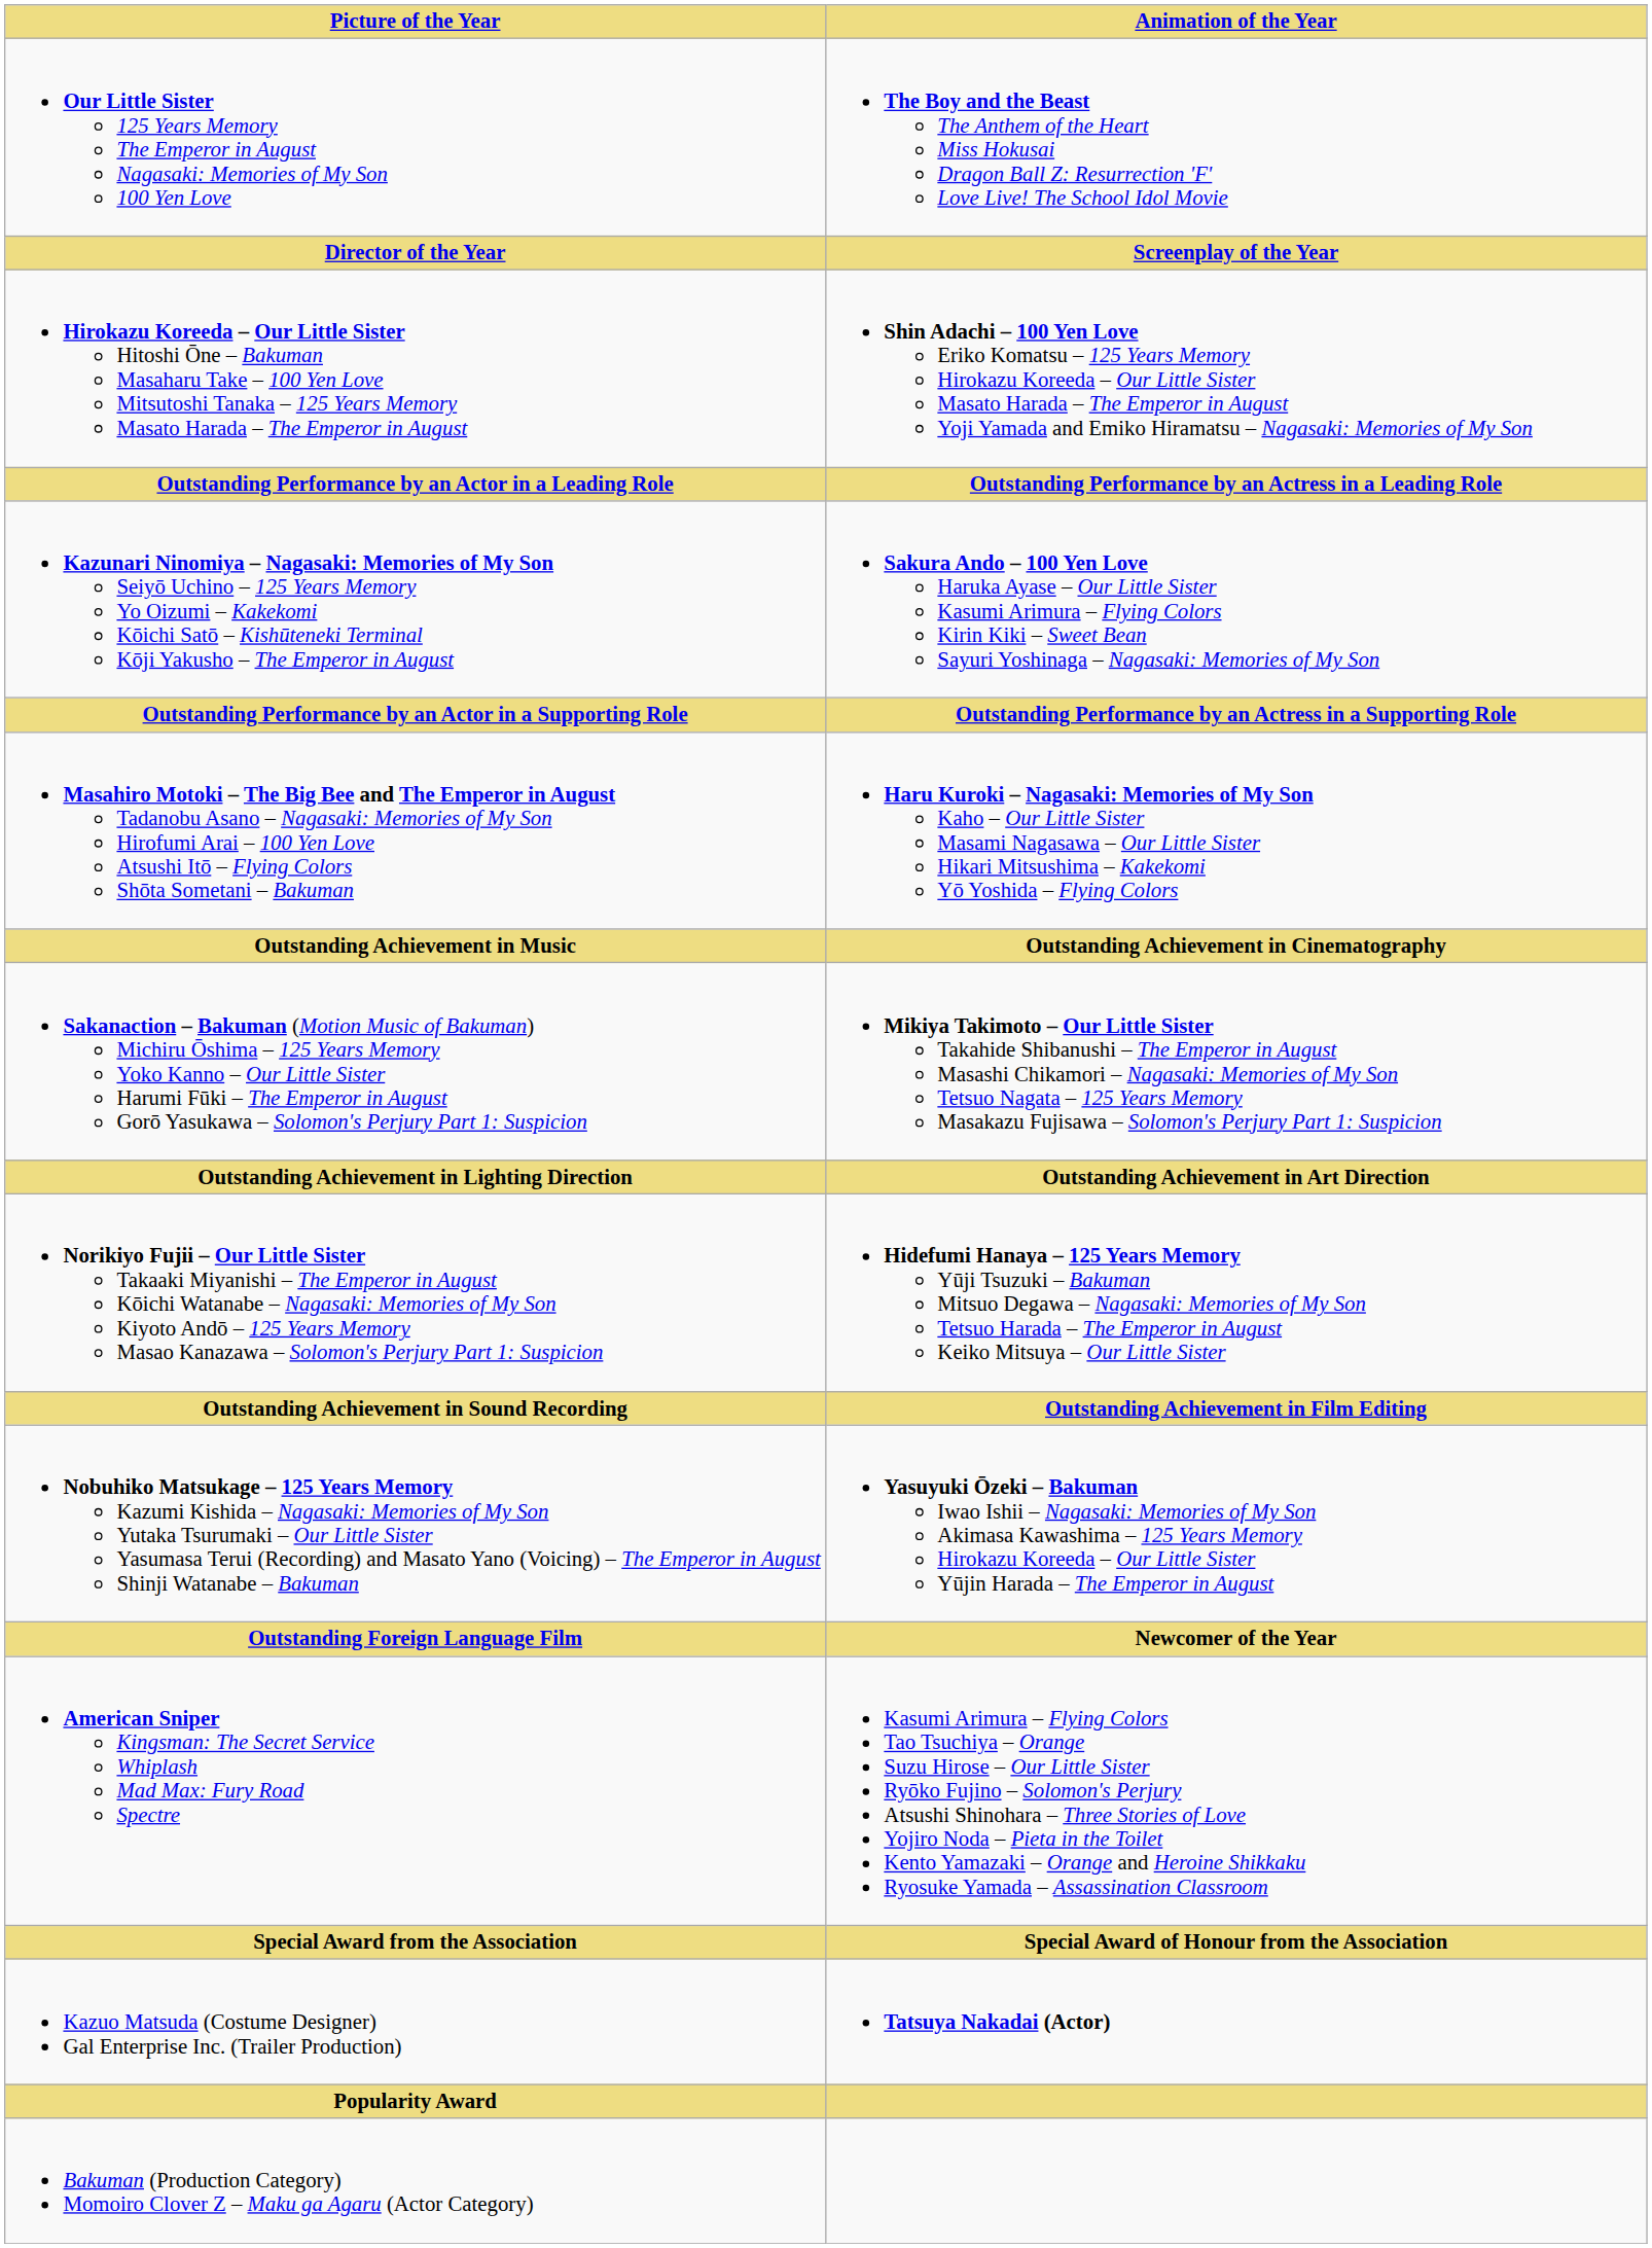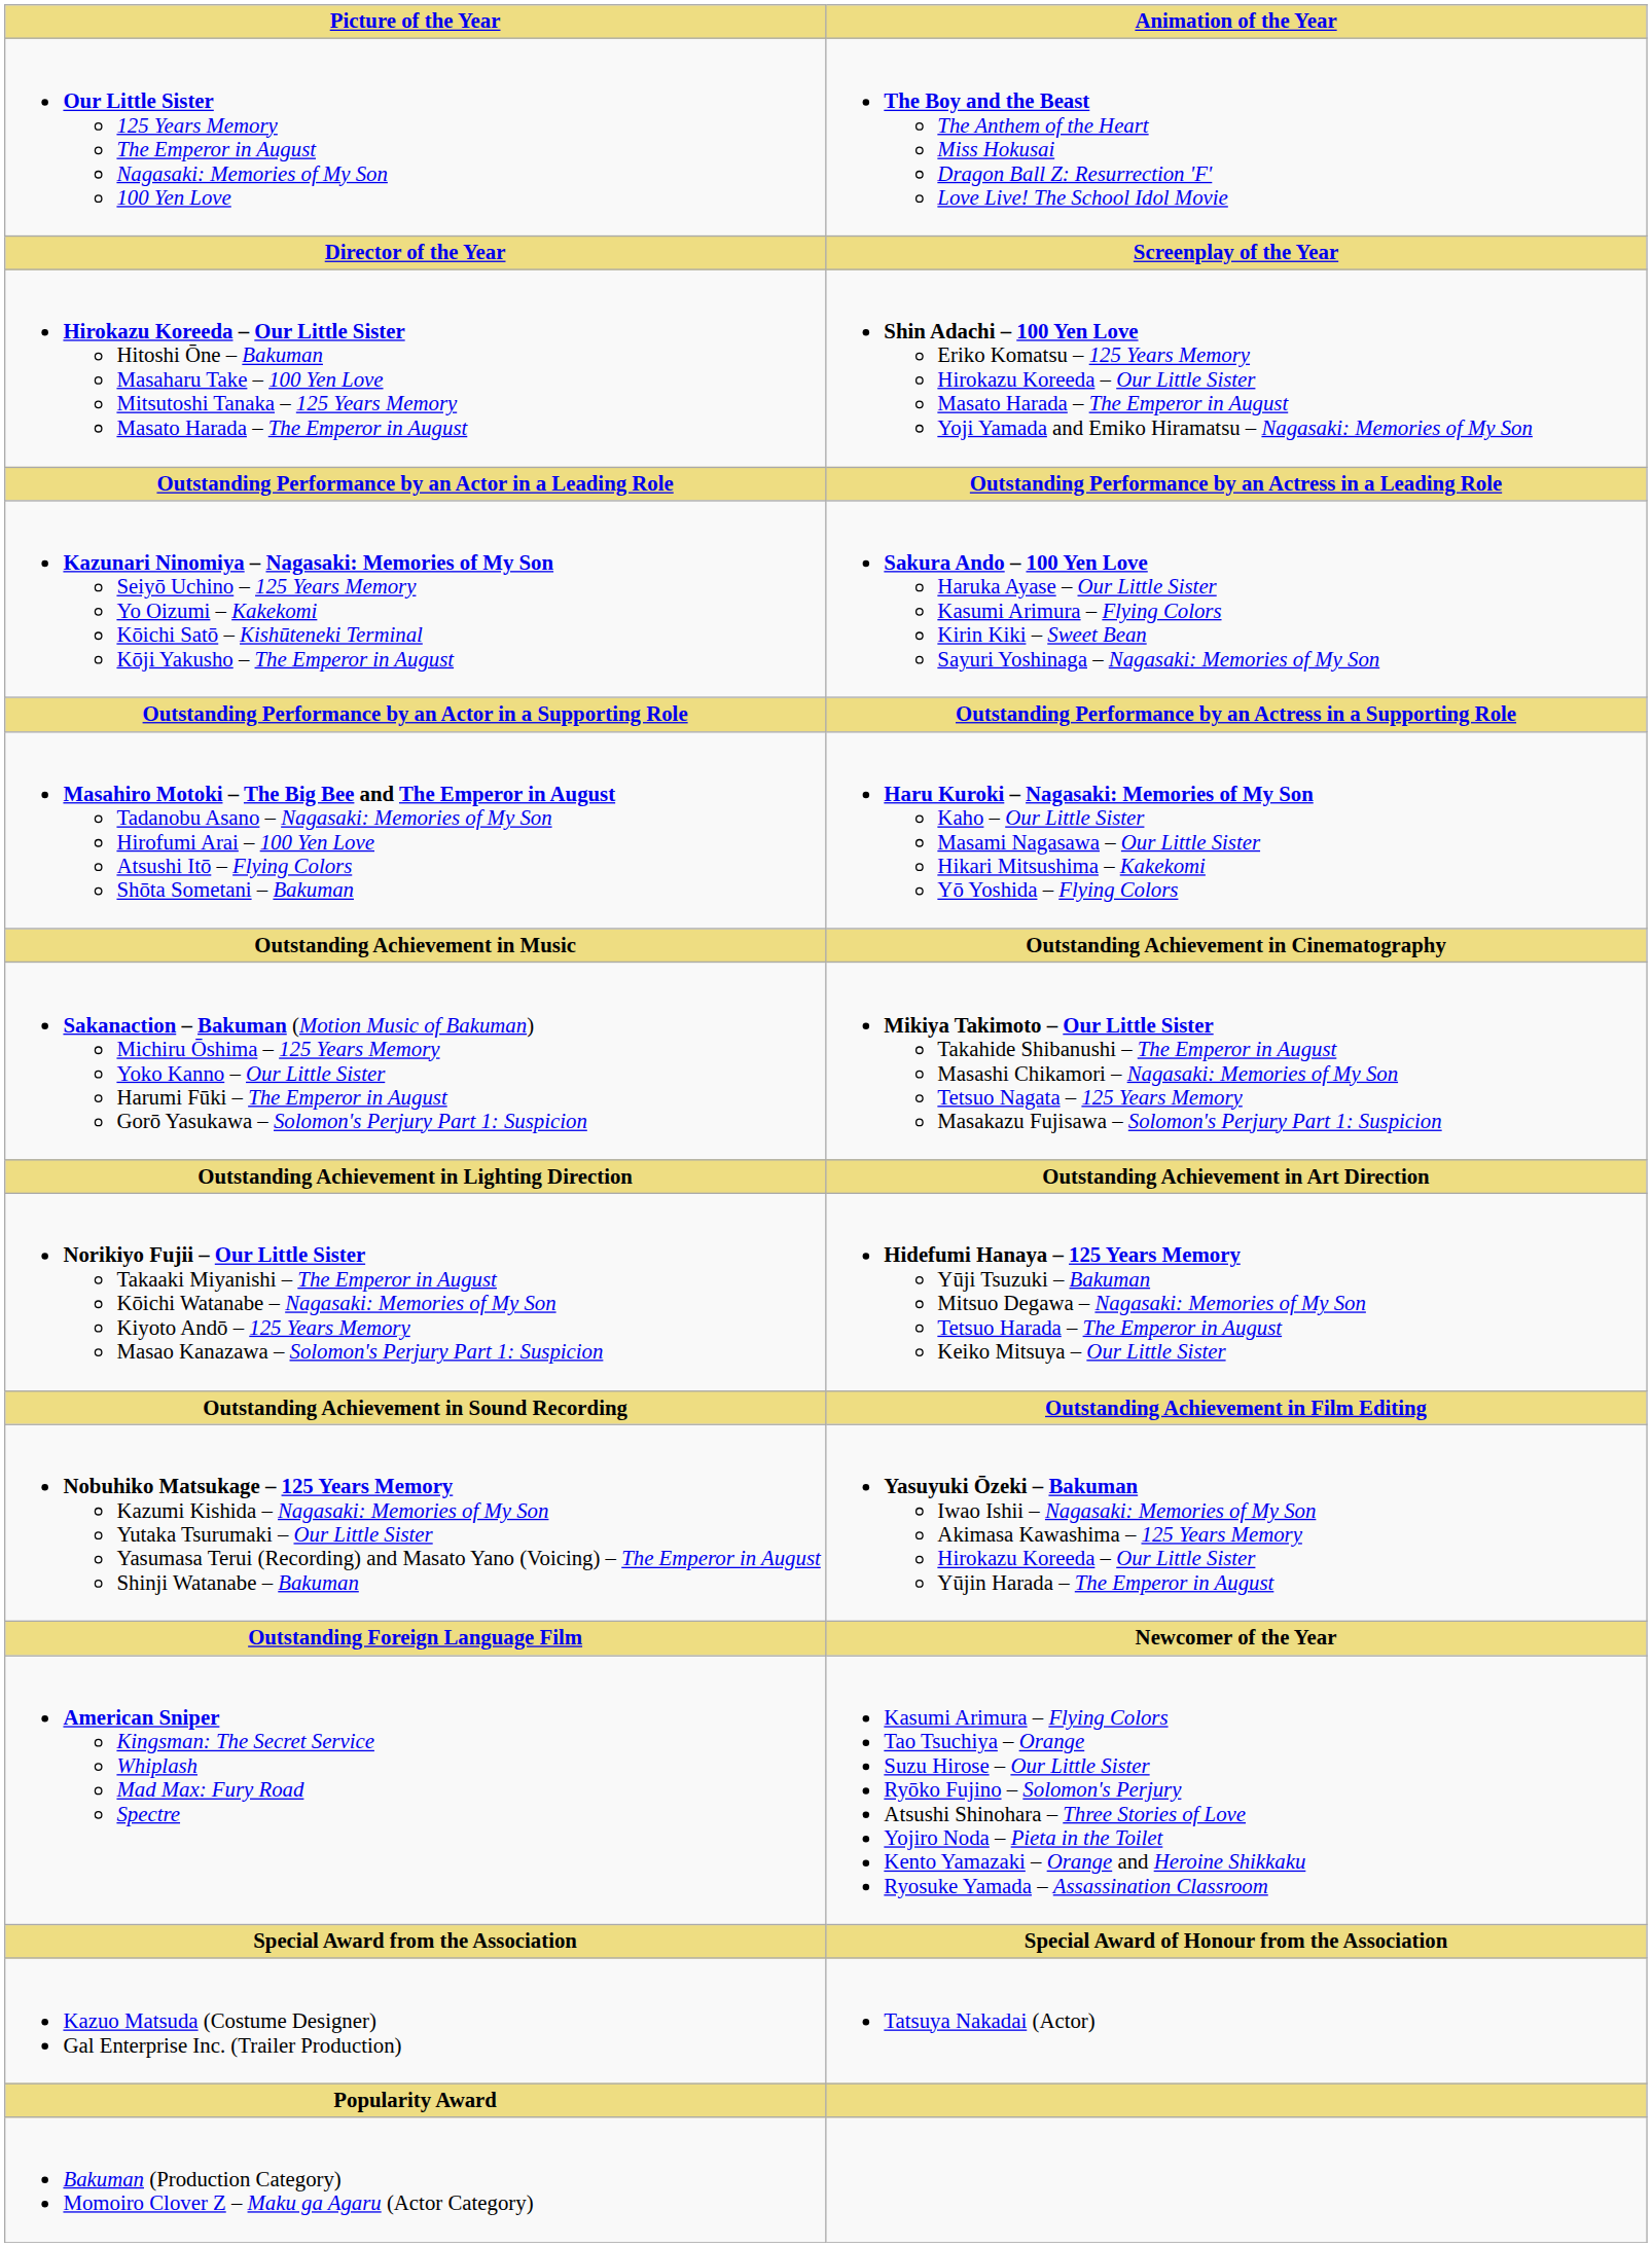 <table class=wikitable>
 <tr>
 <th style="background:#EEDD82; width:50%"><a href='#'>Picture of the Year</a></th>
 <th style="background:#EEDD82; width:50%"><a href='#'>Animation of the Year</a></th>
 </tr>
 <tr>
 <td valign="top"><br><ul><li><strong><a href='#'>Our Little Sister</a></strong><ul><li><em><a href='#'>125 Years Memory</a></em></li><li><em><a href='#'>The Emperor in August</a></em></li><li><em><a href='#'>Nagasaki: Memories of My Son</a></em></li><li><em><a href='#'>100 Yen Love</a></em></li></ul></li></ul></td>
 <td valign="top"><br><ul><li><strong><a href='#'>The Boy and the Beast</a></strong><ul><li><em><a href='#'>The Anthem of the Heart</a></em></li><li><em><a href='#'>Miss Hokusai</a></em></li><li><em><a href='#'>Dragon Ball Z: Resurrection 'F'</a></em></li><li><em><a href='#'>Love Live! The School Idol Movie</a></em></li></ul></li></ul></td>
 </tr>
 <tr>
 <th style="background:#EEDD82"><a href='#'>Director of the Year</a></th>
 <th style="background:#EEDD82"><a href='#'>Screenplay of the Year</a></th>
 </tr>
 <tr>
 <td valign="top"><br><ul><li><strong><a href='#'>Hirokazu Koreeda</a> – <a href='#'>Our Little Sister</a></strong><ul><li>Hitoshi Ōne – <em><a href='#'>Bakuman</a></em></li><li><a href='#'>Masaharu Take</a> – <em><a href='#'>100 Yen Love</a></em></li><li><a href='#'>Mitsutoshi Tanaka</a> – <em><a href='#'>125 Years Memory</a></em></li><li><a href='#'>Masato Harada</a> – <em><a href='#'>The Emperor in August</a></em></li></ul></li></ul></td>
 <td valign="top"><br><ul><li><strong>Shin Adachi – <a href='#'>100 Yen Love</a></strong><ul><li>Eriko Komatsu – <em><a href='#'>125 Years Memory</a></em></li><li><a href='#'>Hirokazu Koreeda</a> – <em><a href='#'>Our Little Sister</a></em></li><li><a href='#'>Masato Harada</a> – <em><a href='#'>The Emperor in August</a></em></li><li><a href='#'>Yoji Yamada</a> and Emiko Hiramatsu – <em><a href='#'>Nagasaki: Memories of My Son</a></em></li></ul></li></ul></td>
 </tr>
 <tr>
 <th style="background:#EEDD82"><a href='#'>Outstanding Performance by an Actor in a Leading Role</a></th>
 <th style="background:#EEDD82"><a href='#'>Outstanding Performance by an Actress in a Leading Role</a></th>
 </tr>
 <tr>
 <td valign="top"><br><ul><li><strong><a href='#'>Kazunari Ninomiya</a> – <a href='#'>Nagasaki: Memories of My Son</a></strong><ul><li><a href='#'>Seiyō Uchino</a> – <em><a href='#'>125 Years Memory</a></em></li><li><a href='#'>Yo Oizumi</a> – <em><a href='#'>Kakekomi</a></em></li><li><a href='#'>Kōichi Satō</a> – <em><a href='#'>Kishūteneki Terminal</a></em></li><li><a href='#'>Kōji Yakusho</a> – <em><a href='#'>The Emperor in August</a></em></li></ul></li></ul></td>
 <td valign="top"><br><ul><li><strong><a href='#'>Sakura Ando</a> – <a href='#'>100 Yen Love</a></strong><ul><li><a href='#'>Haruka Ayase</a> – <em><a href='#'>Our Little Sister</a></em></li><li><a href='#'>Kasumi Arimura</a> – <em><a href='#'>Flying Colors</a></em></li><li><a href='#'>Kirin Kiki</a> – <em><a href='#'>Sweet Bean</a></em></li><li><a href='#'>Sayuri Yoshinaga</a> – <em><a href='#'>Nagasaki: Memories of My Son</a></em></li></ul></li></ul></td>
 </tr>
 <tr>
 <th style="background:#EEDD82"><a href='#'>Outstanding Performance by an Actor in a Supporting Role</a></th>
 <th style="background:#EEDD82"><a href='#'>Outstanding Performance by an Actress in a Supporting Role</a></th>
 </tr>
 <tr>
 <td valign="top"><br><ul><li><strong><a href='#'>Masahiro Motoki</a> – <a href='#'>The Big Bee</a> and <a href='#'>The Emperor in August</a></strong><ul><li><a href='#'>Tadanobu Asano</a> – <em><a href='#'>Nagasaki: Memories of My Son</a></em></li><li><a href='#'>Hirofumi Arai</a> – <em><a href='#'>100 Yen Love</a></em></li><li><a href='#'>Atsushi Itō</a> – <em><a href='#'>Flying Colors</a></em></li><li><a href='#'>Shōta Sometani</a> – <em><a href='#'>Bakuman</a></em></li></ul></li></ul></td>
 <td valign="top"><br><ul><li><strong><a href='#'>Haru Kuroki</a> – <a href='#'>Nagasaki: Memories of My Son</a></strong><ul><li><a href='#'>Kaho</a> – <em><a href='#'>Our Little Sister</a></em></li><li><a href='#'>Masami Nagasawa</a> – <em><a href='#'>Our Little Sister</a></em></li><li><a href='#'>Hikari Mitsushima</a> – <em><a href='#'>Kakekomi</a></em></li><li><a href='#'>Yō Yoshida</a> – <em><a href='#'>Flying Colors</a></em></li></ul></li></ul></td>
 </tr>
 <tr>
 <th style="background:#EEDD82">Outstanding Achievement in Music</th>
 <th style="background:#EEDD82">Outstanding Achievement in Cinematography</th>
 </tr>
 <tr>
 <td valign="top"><br><ul><li><strong><a href='#'>Sakanaction</a> – <a href='#'>Bakuman</a></strong> (<em><a href='#'>Motion Music of Bakuman</a></em>)<ul><li><a href='#'>Michiru Ōshima</a> – <em><a href='#'>125 Years Memory</a></em></li><li><a href='#'>Yoko Kanno</a> – <em><a href='#'>Our Little Sister</a></em></li><li>Harumi Fūki – <em><a href='#'>The Emperor in August</a></em></li><li>Gorō Yasukawa – <em><a href='#'>Solomon's Perjury Part 1: Suspicion</a></em></li></ul></li></ul></td>
 <td valign="top"><br><ul><li><strong>Mikiya Takimoto – <a href='#'>Our Little Sister</a></strong><ul><li>Takahide Shibanushi – <em><a href='#'>The Emperor in August</a></em></li><li>Masashi Chikamori – <em><a href='#'>Nagasaki: Memories of My Son</a></em></li><li><a href='#'>Tetsuo Nagata</a> – <em><a href='#'>125 Years Memory</a></em></li><li>Masakazu Fujisawa – <em><a href='#'>Solomon's Perjury Part 1: Suspicion</a></em></li></ul></li></ul></td>
 </tr>
 <tr>
 <th style="background:#EEDD82">Outstanding Achievement in Lighting Direction</th>
 <th style="background:#EEDD82">Outstanding Achievement in Art Direction</th>
 </tr>
 <tr>
 <td valign="top"><br><ul><li><strong>Norikiyo Fujii – <a href='#'>Our Little Sister</a></strong><ul><li>Takaaki Miyanishi – <em><a href='#'>The Emperor in August</a></em></li><li>Kōichi Watanabe – <em><a href='#'>Nagasaki: Memories of My Son</a></em></li><li>Kiyoto Andō – <em><a href='#'>125 Years Memory</a></em></li><li>Masao Kanazawa – <em><a href='#'>Solomon's Perjury Part 1: Suspicion</a></em></li></ul></li></ul></td>
 <td valign="top"><br><ul><li><strong>Hidefumi Hanaya – <a href='#'>125 Years Memory</a></strong><ul><li>Yūji Tsuzuki – <em><a href='#'>Bakuman</a></em></li><li>Mitsuo Degawa – <em><a href='#'>Nagasaki: Memories of My Son</a></em></li><li><a href='#'>Tetsuo Harada</a> – <em><a href='#'>The Emperor in August</a></em></li><li>Keiko Mitsuya – <em><a href='#'>Our Little Sister</a></em></li></ul></li></ul></td>
 </tr>
 <tr>
 <th style="background:#EEDD82">Outstanding Achievement in Sound Recording</th>
 <th style="background:#EEDD82"><a href='#'>Outstanding Achievement in Film Editing</a></th>
 </tr>
 <tr>
 <td valign="top"><br><ul><li><strong>Nobuhiko Matsukage – <a href='#'>125 Years Memory</a></strong><ul><li>Kazumi Kishida – <em><a href='#'>Nagasaki: Memories of My Son</a></em></li><li>Yutaka Tsurumaki – <em><a href='#'>Our Little Sister</a></em></li><li>Yasumasa Terui (Recording) and Masato Yano (Voicing) – <em><a href='#'>The Emperor in August</a></em></li><li>Shinji Watanabe – <em><a href='#'>Bakuman</a></em></li></ul></li></ul></td>
 <td valign="top"><br><ul><li><strong>Yasuyuki Ōzeki – <a href='#'>Bakuman</a></strong><ul><li>Iwao Ishii – <em><a href='#'>Nagasaki: Memories of My Son</a></em></li><li>Akimasa Kawashima – <em><a href='#'>125 Years Memory</a></em></li><li><a href='#'>Hirokazu Koreeda</a> – <em><a href='#'>Our Little Sister</a></em></li><li>Yūjin Harada – <em><a href='#'>The Emperor in August</a></em></li></ul></li></ul></td>
 </tr>
 <tr>
 <th style="background:#EEDD82"><a href='#'>Outstanding Foreign Language Film</a></th>
 <th style="background:#EEDD82">Newcomer of the Year</th>
 </tr>
 <tr>
 <td valign="top"><br><ul><li><strong><a href='#'>American Sniper</a></strong><ul><li><em><a href='#'>Kingsman: The Secret Service</a></em></li><li><em><a href='#'>Whiplash</a></em></li><li><em><a href='#'>Mad Max: Fury Road</a></em></li><li><em><a href='#'>Spectre</a></em></li></ul></li></ul></td>
 <td valign="top"><br><ul><li><a href='#'>Kasumi Arimura</a> – <em><a href='#'>Flying Colors</a></em></li><li><a href='#'>Tao Tsuchiya</a> – <em><a href='#'>Orange</a></em></li><li><a href='#'>Suzu Hirose</a> – <em><a href='#'>Our Little Sister</a></em></li><li><a href='#'>Ryōko Fujino</a> – <em><a href='#'>Solomon's Perjury</a></em></li><li>Atsushi Shinohara – <em><a href='#'>Three Stories of Love</a></em></li><li><a href='#'>Yojiro Noda</a> – <em><a href='#'>Pieta in the Toilet</a></em></li><li><a href='#'>Kento Yamazaki</a> – <em><a href='#'>Orange</a></em> and <em><a href='#'>Heroine Shikkaku</a></em></li><li><a href='#'>Ryosuke Yamada</a> – <em><a href='#'>Assassination Classroom</a></em></li></ul></td>
 </tr>
 <tr>
 <th style="background:#EEDD82">Special Award from the Association</th>
 <th style="background:#EEDD82">Special Award of Honour from the Association</th>
 </tr>
 <tr>
 <td valign="top"><br><ul><li><a href='#'>Kazuo Matsuda</a> (Costume Designer)</li><li>Gal Enterprise Inc. (Trailer Production)</li></ul></td>
-<td valign="top"><strong><br><ul><li><a href='#'>Tatsuya Nakadai</a> (Actor)</li></ul></strong></td>
+<td valign="top"><br><ul><li><a href='#'>Tatsuya Nakadai</a> (Actor)</li></ul></td>
 </tr>
 <tr>
 <th style="background:#EEDD82">Popularity Award</th>
 <th style="background:#EEDD82"></th>
 </tr>
 <tr>
 <td valign="top"><br><ul><li><em><a href='#'>Bakuman</a></em> (Production Category)</li><li><a href='#'>Momoiro Clover Z</a> – <em><a href='#'>Maku ga Agaru</a></em> (Actor Category)</li></ul></td>
 <td valign="top"></td>
 </tr>
 </table>
